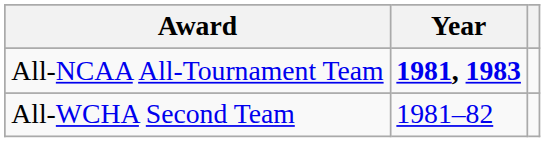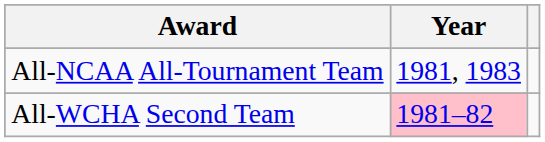 <table class="wikitable">
 <tr>
 <th>Award</th>
 <th>Year</th>
 <th></th>
 </tr>
 <tr>
 <td>All-<a href='#'>NCAA</a> <a href='#'>All-Tournament Team</a></td>
-<td><strong><a href='#'>1981</a>, <a href='#'>1983</a></strong></td>
+<td><a href='#'>1981</a>, <a href='#'>1983</a></td>
 <td></td>
 </tr>
 <tr>
 <td>All-<a href='#'>WCHA</a> <a href='#'>Second Team</a></td>
-<td><a href='#'>1981–82</a></td>
+<td style="background: pink;"><a href='#'>1981–82</a></td>
 <td></td>
 </tr>
 </table>
